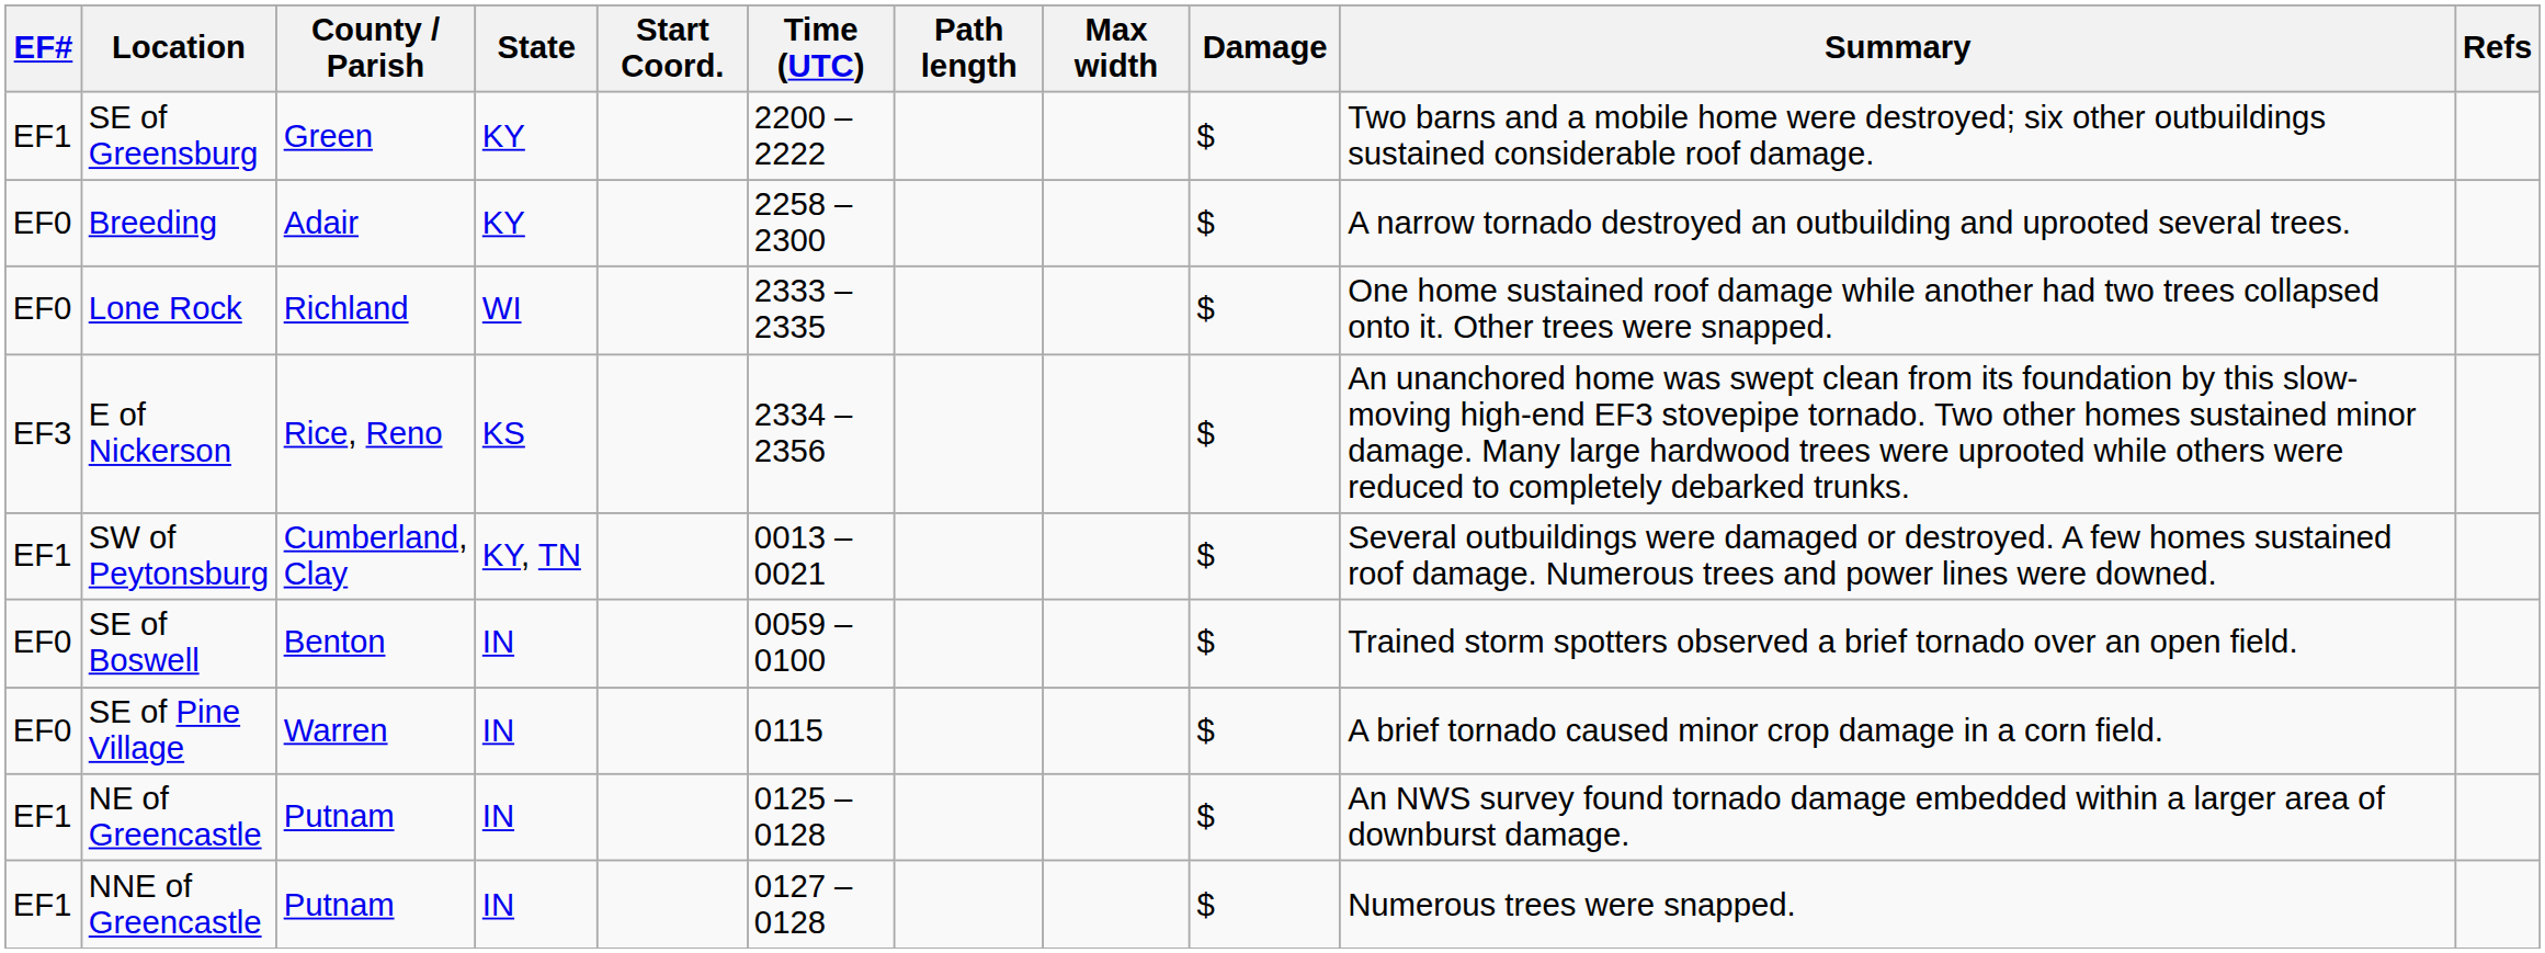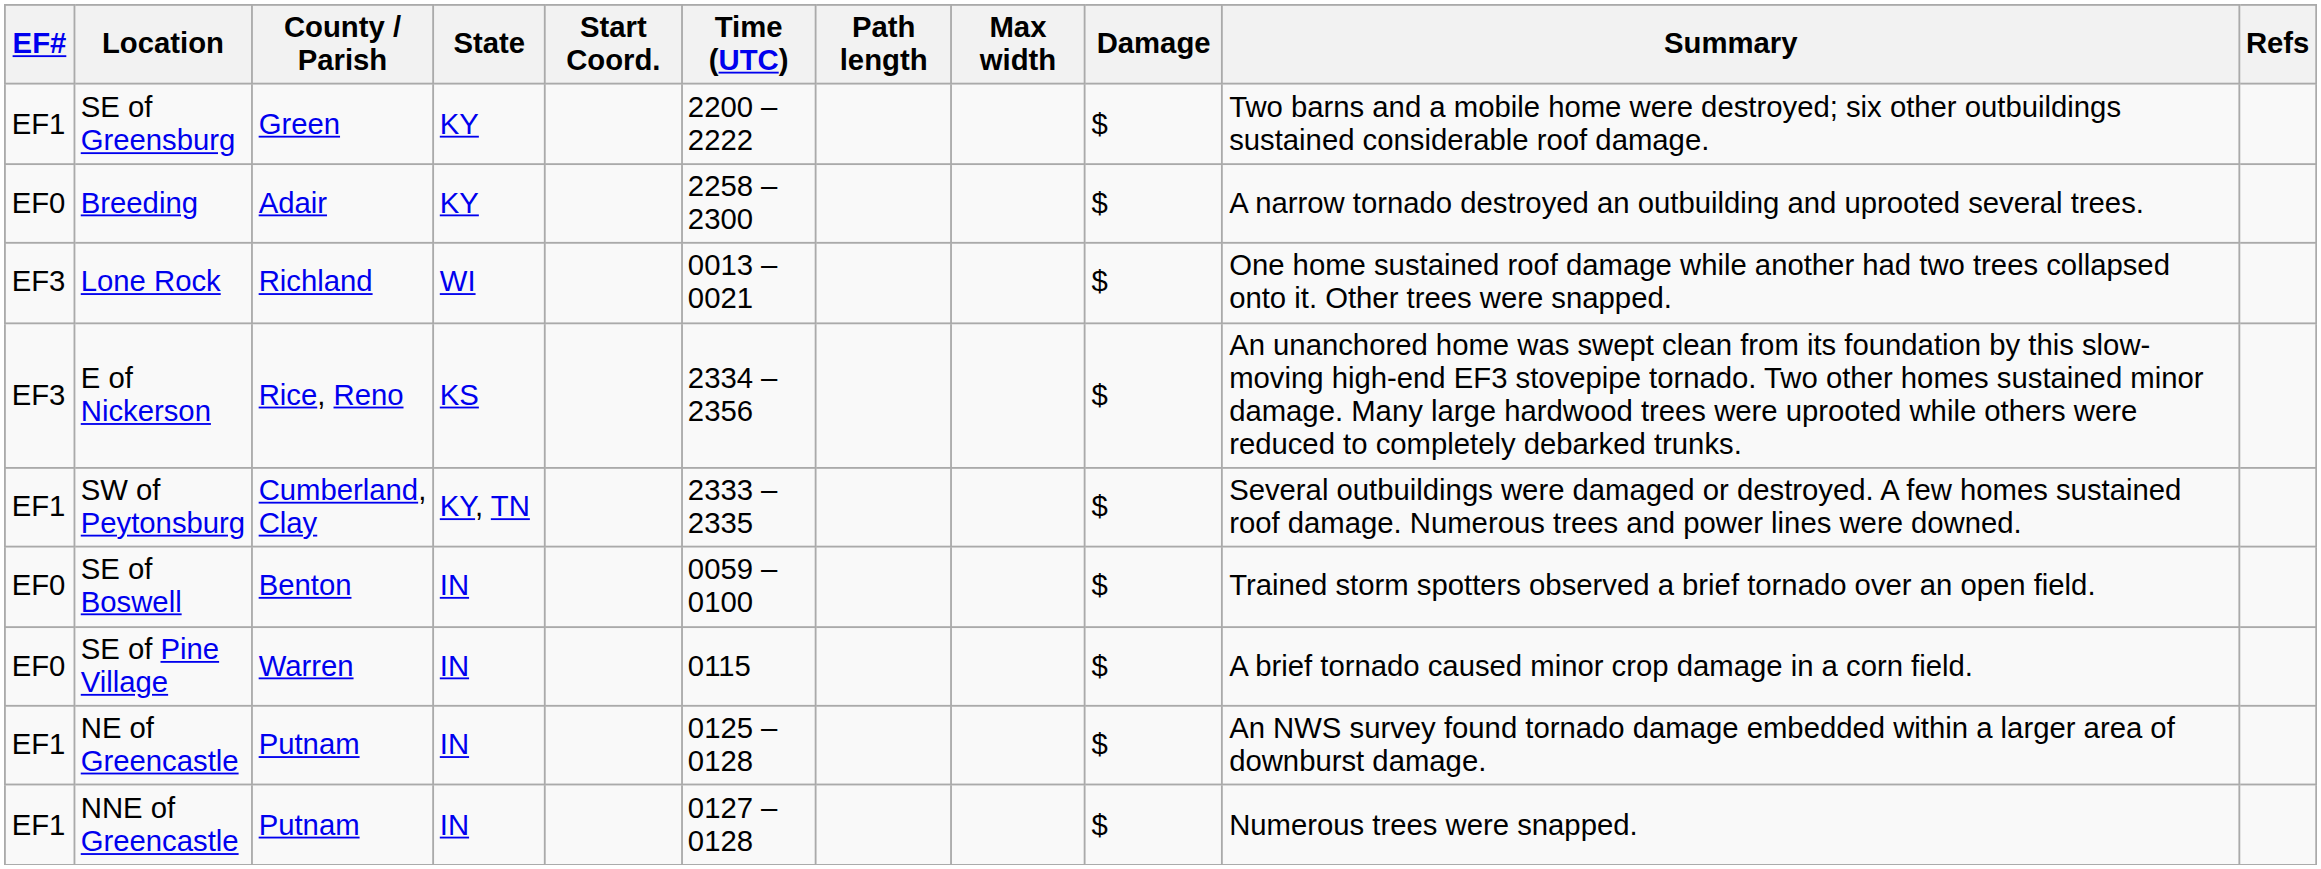 <table class="wikitable sortable" style="width:100%;">
 <tr>
 <th scope="col" width="3%" align="center"><a href='#'>EF#</a></th>
 <th scope="col" width="7%" align="center" class="unsortable">Location</th>
 <th scope="col" width="6%" align="center" class="unsortable">County / Parish</th>
 <th scope="col" width="5%" align="center">State</th>
 <th scope="col" width="6%" align="center">Start Coord.</th>
 <th scope="col" width="6%" align="center">Time (<a href='#'>UTC</a>)</th>
 <th scope="col" width="6%" align="center">Path length</th>
 <th scope="col" width="6%" align="center">Max width</th>
 <th scope="col" width="6%" align="center">Damage</th>
 <th scope="col" width="48%" class="unsortable" align="center">Summary</th>
 <th scope="col" width="48%" class="unsortable" align="center">Refs</th>
 </tr>
 <tr>
 <td>EF1</td>
 <td>SE of <a href='#'>Greensburg</a></td>
 <td><a href='#'>Green</a></td>
 <td><a href='#'>KY</a></td>
 <td></td>
 <td>2200 – 2222</td>
 <td></td>
 <td></td>
 <td>$</td>
 <td>Two barns and a mobile home were destroyed; six other outbuildings sustained considerable roof damage.</td>
 <td></td>
 </tr>
 <tr>
 <td>EF0</td>
 <td><a href='#'>Breeding</a></td>
 <td><a href='#'>Adair</a></td>
 <td><a href='#'>KY</a></td>
 <td></td>
 <td>2258 – 2300</td>
 <td></td>
 <td></td>
 <td>$</td>
 <td>A narrow tornado destroyed an outbuilding and uprooted several trees.</td>
 <td></td>
 </tr>
 <tr>
-<td>EF0</td>
+<td>EF3</td>
 <td><a href='#'>Lone Rock</a></td>
 <td><a href='#'>Richland</a></td>
 <td><a href='#'>WI</a></td>
 <td></td>
-<td>2333 – 2335</td>
+<td>0013 – 0021</td>
 <td></td>
 <td></td>
 <td>$</td>
 <td>One home sustained roof damage while another had two trees collapsed onto it. Other trees were snapped.</td>
 <td></td>
 </tr>
 <tr>
 <td>EF3</td>
 <td>E of <a href='#'>Nickerson</a></td>
 <td><a href='#'>Rice</a>, <a href='#'>Reno</a></td>
 <td><a href='#'>KS</a></td>
 <td></td>
 <td>2334 – 2356</td>
 <td></td>
 <td></td>
 <td>$</td>
 <td>An unanchored home was swept clean from its foundation by this slow-moving high-end EF3 stovepipe tornado. Two other homes sustained minor damage. Many large hardwood trees were uprooted while others were reduced to completely debarked trunks.</td>
 <td></td>
 </tr>
 <tr>
 <td>EF1</td>
 <td>SW of <a href='#'>Peytonsburg</a></td>
 <td><a href='#'>Cumberland</a>, <a href='#'>Clay</a></td>
 <td><a href='#'>KY</a>, <a href='#'>TN</a></td>
 <td></td>
-<td>0013 – 0021</td>
+<td>2333 – 2335</td>
 <td></td>
 <td></td>
 <td>$</td>
 <td>Several outbuildings were damaged or destroyed. A few homes sustained roof damage. Numerous trees and power lines were downed.</td>
 <td></td>
 </tr>
 <tr>
 <td>EF0</td>
 <td>SE of <a href='#'>Boswell</a></td>
 <td><a href='#'>Benton</a></td>
 <td><a href='#'>IN</a></td>
 <td></td>
 <td>0059 – 0100</td>
 <td></td>
 <td></td>
 <td>$</td>
 <td>Trained storm spotters observed a brief tornado over an open field.</td>
 <td></td>
 </tr>
 <tr>
 <td>EF0</td>
 <td>SE of <a href='#'>Pine Village</a></td>
 <td><a href='#'>Warren</a></td>
 <td><a href='#'>IN</a></td>
 <td></td>
 <td>0115</td>
 <td></td>
 <td></td>
 <td>$</td>
 <td>A brief tornado caused minor crop damage in a corn field.</td>
 <td></td>
 </tr>
 <tr>
 <td>EF1</td>
 <td>NE of <a href='#'>Greencastle</a></td>
 <td><a href='#'>Putnam</a></td>
 <td><a href='#'>IN</a></td>
 <td></td>
 <td>0125 – 0128</td>
 <td></td>
 <td></td>
 <td>$</td>
 <td>An NWS survey found tornado damage embedded within a larger area of downburst damage.</td>
 <td></td>
 </tr>
 <tr>
 <td>EF1</td>
 <td>NNE of <a href='#'>Greencastle</a></td>
 <td><a href='#'>Putnam</a></td>
 <td><a href='#'>IN</a></td>
 <td></td>
 <td>0127 – 0128</td>
 <td></td>
 <td></td>
 <td>$</td>
 <td>Numerous trees were snapped.</td>
 <td></td>
 </tr>
 <tr>
 </tr>
 </table>
